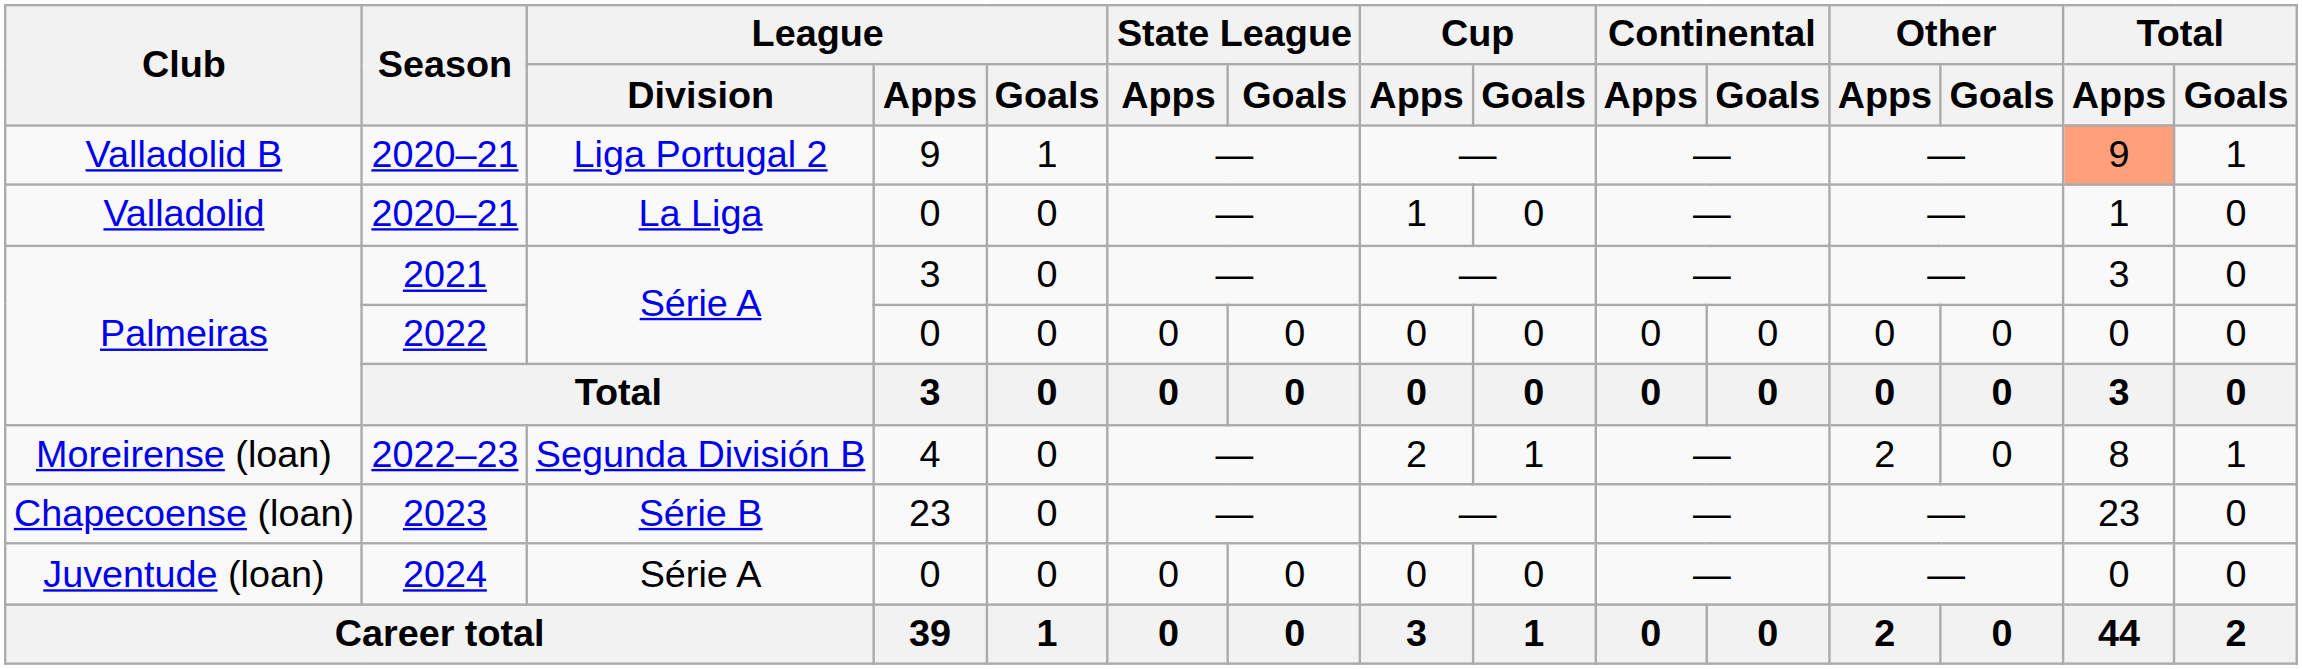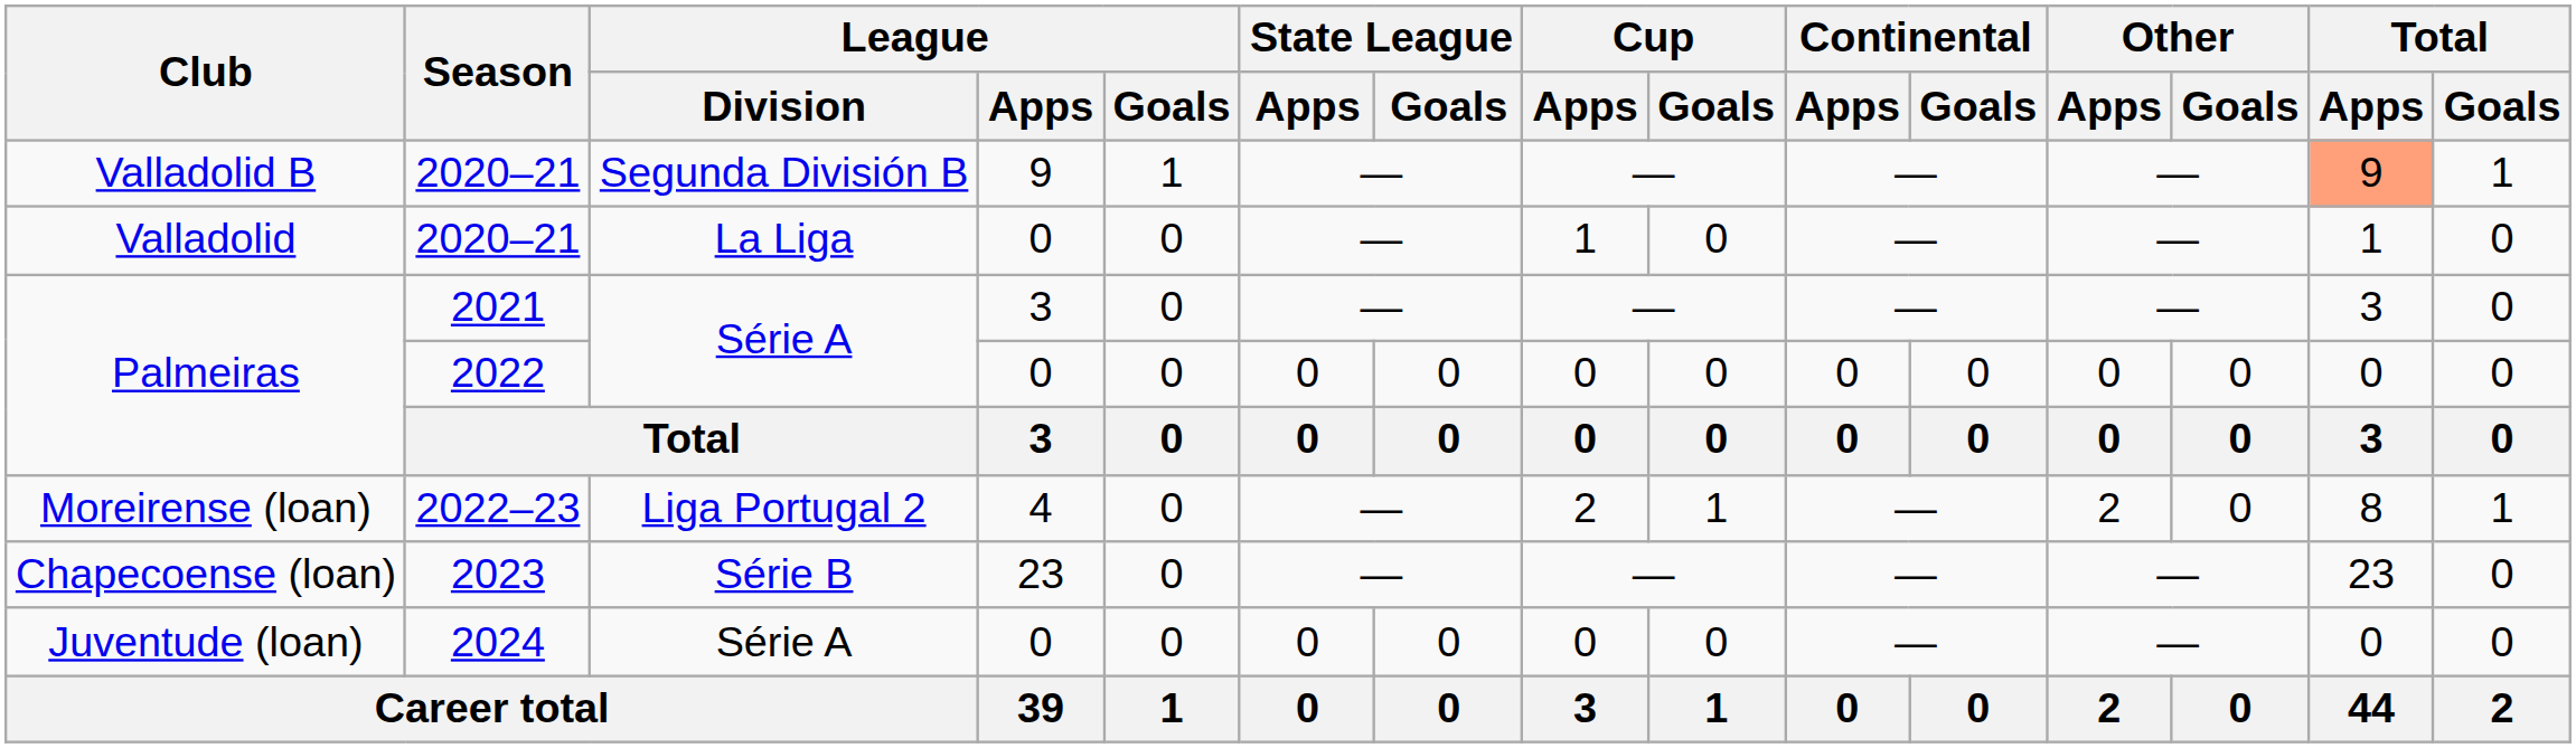 <table class="wikitable" style="text-align: center;">
 <tr>
 <th rowspan="2">Club</th>
 <th rowspan="2">Season</th>
 <th colspan="3">League</th>
 <th colspan="2">State League</th>
 <th colspan="2">Cup</th>
 <th colspan="2">Continental</th>
 <th colspan="2">Other</th>
 <th colspan="2">Total</th>
 </tr>
 <tr>
 <th>Division</th>
 <th>Apps</th>
 <th>Goals</th>
 <th>Apps</th>
 <th>Goals</th>
 <th>Apps</th>
 <th>Goals</th>
 <th>Apps</th>
 <th>Goals</th>
 <th>Apps</th>
 <th>Goals</th>
 <th>Apps</th>
 <th>Goals</th>
 </tr>
 <tr>
 <td><a href='#'>Valladolid B</a></td>
 <td><a href='#'>2020–21</a></td>
-<td><a href='#'>Liga Portugal 2</a></td>
+<td><a href='#'>Segunda División B</a></td>
 <td>9</td>
 <td>1</td>
 <td colspan=2>—</td>
 <td colspan=2>—</td>
 <td colspan=2>—</td>
 <td colspan=2>—</td>
 <td style="background: lightsalmon;">9</td>
 <td>1</td>
 </tr>
 <tr>
 <td><a href='#'>Valladolid</a></td>
 <td><a href='#'>2020–21</a></td>
 <td><a href='#'>La Liga</a></td>
 <td>0</td>
 <td>0</td>
 <td colspan=2>—</td>
 <td>1</td>
 <td>0</td>
 <td colspan=2>—</td>
 <td colspan=2>—</td>
 <td>1</td>
 <td>0</td>
 </tr>
 <tr>
 <td rowspan=3><a href='#'>Palmeiras</a></td>
 <td><a href='#'>2021</a></td>
 <td rowspan=2><a href='#'>Série A</a></td>
 <td>3</td>
 <td>0</td>
 <td colspan=2>—</td>
 <td colspan=2>—</td>
 <td colspan=2>—</td>
 <td colspan=2>—</td>
 <td>3</td>
 <td>0</td>
 </tr>
 <tr>
 <td><a href='#'>2022</a></td>
 <td>0</td>
 <td>0</td>
 <td>0</td>
 <td>0</td>
 <td>0</td>
 <td>0</td>
 <td>0</td>
 <td>0</td>
 <td>0</td>
 <td>0</td>
 <td>0</td>
 <td>0</td>
 </tr>
 <tr>
 <th colspan=2>Total</th>
 <th>3</th>
 <th>0</th>
 <th>0</th>
 <th>0</th>
 <th>0</th>
 <th>0</th>
 <th>0</th>
 <th>0</th>
 <th>0</th>
 <th>0</th>
 <th>3</th>
 <th>0</th>
 </tr>
 <tr>
 <td><a href='#'>Moreirense</a> (loan)</td>
 <td><a href='#'>2022–23</a></td>
-<td><a href='#'>Segunda División B</a></td>
+<td><a href='#'>Liga Portugal 2</a></td>
 <td>4</td>
 <td>0</td>
 <td colspan=2>—</td>
 <td>2</td>
 <td>1</td>
 <td colspan=2>—</td>
 <td>2</td>
 <td>0</td>
 <td>8</td>
 <td>1</td>
 </tr>
 <tr>
 <td><a href='#'>Chapecoense</a> (loan)</td>
 <td><a href='#'>2023</a></td>
 <td><a href='#'>Série B</a></td>
 <td>23</td>
 <td>0</td>
 <td colspan=2>—</td>
 <td colspan=2>—</td>
 <td colspan=2>—</td>
 <td colspan=2>—</td>
 <td>23</td>
 <td>0</td>
 </tr>
 <tr>
 <td><a href='#'>Juventude</a> (loan)</td>
 <td><a href='#'>2024</a></td>
 <td>Série A</td>
 <td>0</td>
 <td>0</td>
 <td>0</td>
 <td>0</td>
 <td>0</td>
 <td>0</td>
 <td colspan=2>—</td>
 <td colspan=2>—</td>
 <td>0</td>
 <td>0</td>
 </tr>
 <tr>
 <th colspan=3><strong>Career total</strong></th>
 <th>39</th>
 <th>1</th>
 <th>0</th>
 <th>0</th>
 <th>3</th>
 <th>1</th>
 <th>0</th>
 <th>0</th>
 <th>2</th>
 <th>0</th>
 <th>44</th>
 <th>2</th>
 </tr>
 </table>
